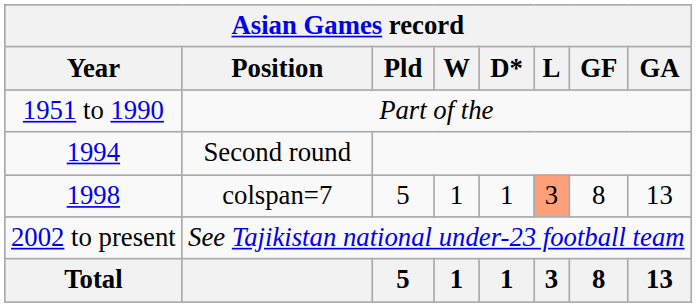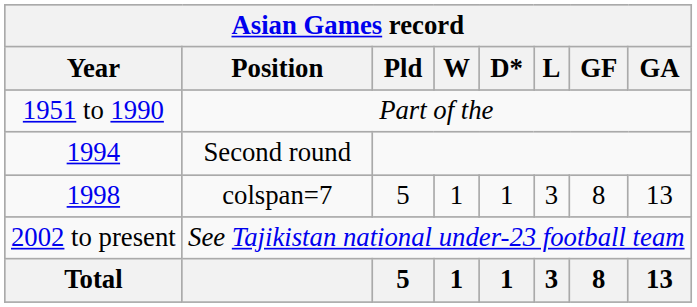 <table class="wikitable" style="text-align: center;">
 <tr>
 <th colspan=8><a href='#'>Asian Games</a> record</th>
 </tr>
 <tr>
 <th>Year</th>
 <th>Position</th>
 <th>Pld</th>
 <th>W</th>
 <th>D*</th>
 <th>L</th>
 <th>GF</th>
 <th>GA</th>
 </tr>
 <tr>
 <td><a href='#'>1951</a> to <a href='#'>1990</a></td>
 <td colspan=7><em>Part of the </em></td>
 </tr>
 <tr>
 <td> <a href='#'>1994</a></td>
 <td>Second round</td>
 </tr>
 <tr>
 <td> <a href='#'>1998</a></td>
 <td>colspan=7 </td>
 <td>5</td>
 <td>1</td>
 <td>1</td>
-<td style="background: lightsalmon;">3</td>
+<td>3</td>
 <td>8</td>
 <td>13</td>
 </tr>
 <tr>
 <td><a href='#'>2002</a> to present</td>
 <td colspan=9><em>See <a href='#'>Tajikistan national under-23 football team</a></em></td>
 </tr>
 <tr>
 <th>Total</th>
 <th></th>
 <th>5</th>
 <th>1</th>
 <th>1</th>
 <th>3</th>
 <th>8</th>
 <th>13</th>
 </tr>
 </table>
